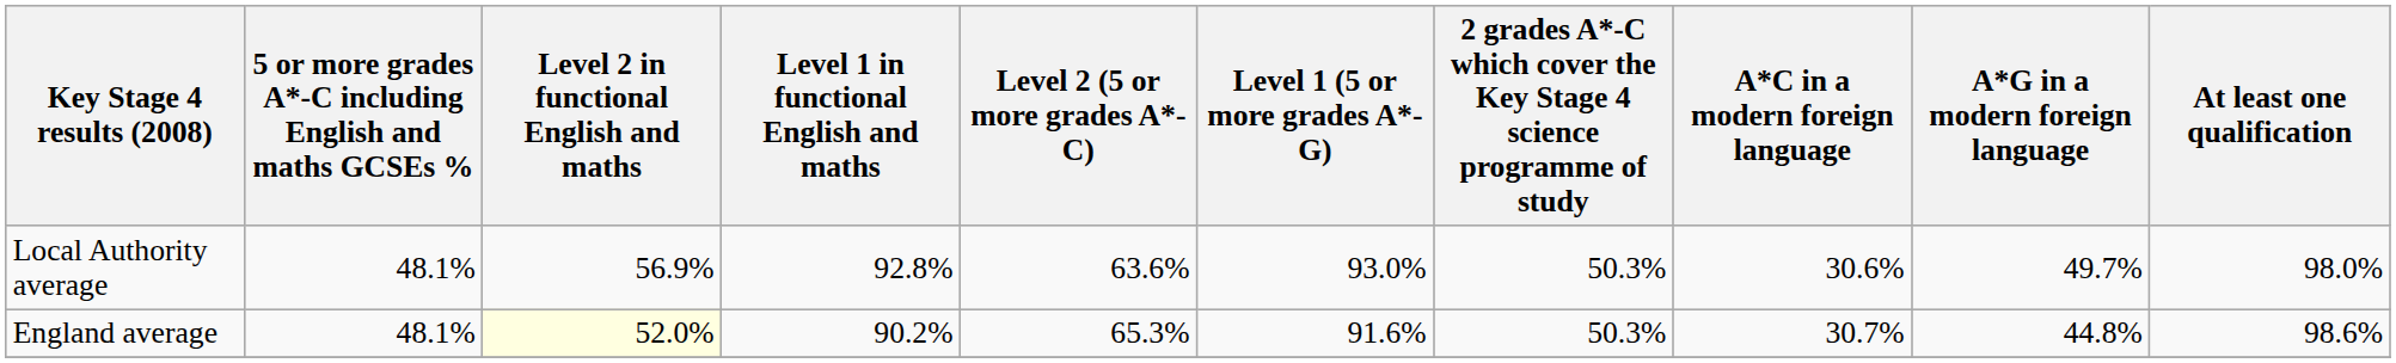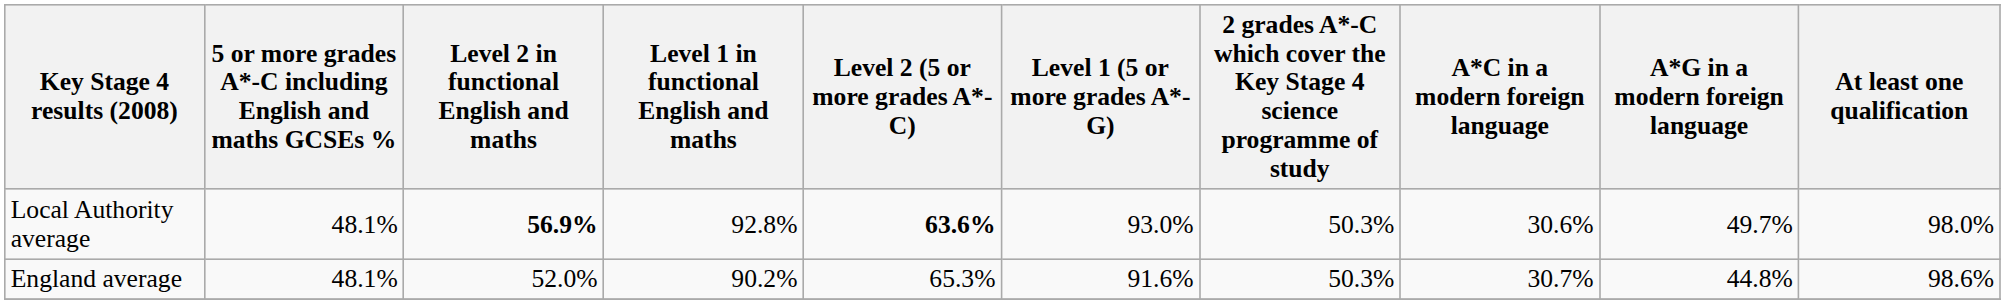 <table class="wikitable">
 <tr>
 <th width=120>Key Stage 4 results (2008)</th>
 <th width=120 align=right>5 or more grades A*-C including English and maths GCSEs %</th>
 <th width=120 align=right>Level 2 in functional English and maths</th>
 <th width=120 align=right>Level 1 in functional English and maths</th>
 <th width=120 align=right>Level 2 (5 or more grades A*-C)</th>
 <th width=120 align=right>Level 1 (5 or more grades A*-G)</th>
 <th width=120 align=right>2 grades A*-C which cover the Key Stage 4 science programme of study</th>
 <th width=120 align=right>A*C in a modern foreign language</th>
 <th width=120 align=right>A*G in a modern foreign language</th>
 <th width=120 align=right>At least one qualification</th>
 </tr>
 <tr>
 <td>Local Authority average</td>
 <td align=right>48.1%</td>
-<td align=right>56.9%</td>
+<td align=right><strong>56.9%</strong></td>
 <td align=right>92.8%</td>
-<td align=right>63.6%</td>
+<td align=right><strong>63.6%</strong></td>
 <td align=right>93.0%</td>
 <td align=right>50.3%</td>
 <td align=right>30.6%</td>
 <td align=right>49.7%</td>
 <td align=right>98.0%</td>
 </tr>
 <tr>
 <td>England average</td>
 <td align=right>48.1%</td>
-<td align=right style="background: lightyellow;">52.0%</td>
+<td align=right>52.0%</td>
 <td align=right>90.2%</td>
 <td align=right>65.3%</td>
 <td align=right>91.6%</td>
 <td align=right>50.3%</td>
 <td align=right>30.7%</td>
 <td align=right>44.8%</td>
 <td align=right>98.6%</td>
 </tr>
 <tr>
 </tr>
 </table>
